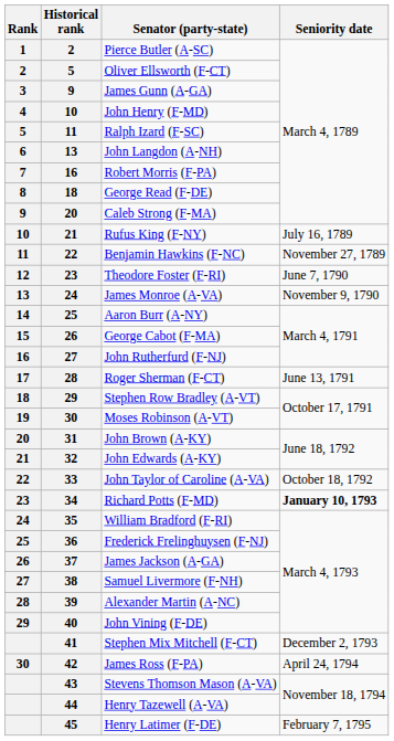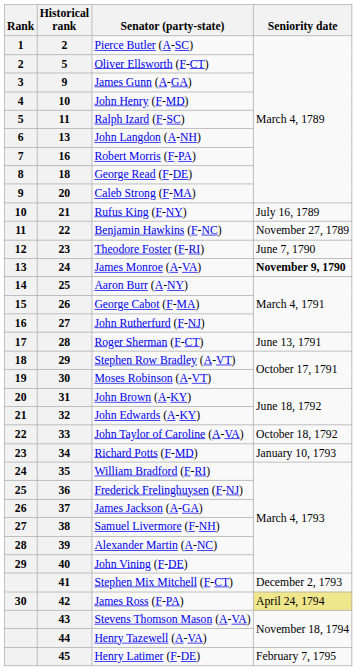 <table class=wikitable>
 <tr valign=bottom>
 <th>Rank</th>
 <th>Historical<br>rank</th>
 <th>Senator (party-state)</th>
 <th>Seniority date</th>
 </tr>
 <tr>
 <th>1</th>
 <th>2</th>
 <td><a href='#'>Pierce Butler</a> (<a href='#'>A</a>-<a href='#'>SC</a>)</td>
 <td rowspan=9>March 4, 1789</td>
 </tr>
 <tr>
 <th>2</th>
 <th>5</th>
 <td><a href='#'>Oliver Ellsworth</a> (<a href='#'>F</a>-<a href='#'>CT</a>)</td>
 </tr>
 <tr>
 <th>3</th>
 <th>9</th>
 <td><a href='#'>James Gunn</a> (<a href='#'>A</a>-<a href='#'>GA</a>)</td>
 </tr>
 <tr>
 <th>4</th>
 <th>10</th>
 <td><a href='#'>John Henry</a> (<a href='#'>F</a>-<a href='#'>MD</a>)</td>
 </tr>
 <tr>
 <th>5</th>
 <th>11</th>
 <td><a href='#'>Ralph Izard</a> (<a href='#'>F</a>-<a href='#'>SC</a>)</td>
 </tr>
 <tr>
 <th>6</th>
 <th>13</th>
 <td><a href='#'>John Langdon</a> (<a href='#'>A</a>-<a href='#'>NH</a>)</td>
 </tr>
 <tr>
 <th>7</th>
 <th>16</th>
 <td><a href='#'>Robert Morris</a> (<a href='#'>F</a>-<a href='#'>PA</a>)</td>
 </tr>
 <tr>
 <th>8</th>
 <th>18</th>
 <td><a href='#'>George Read</a> (<a href='#'>F</a>-<a href='#'>DE</a>)</td>
 </tr>
 <tr>
 <th>9</th>
 <th>20</th>
 <td><a href='#'>Caleb Strong</a> (<a href='#'>F</a>-<a href='#'>MA</a>)</td>
 </tr>
 <tr>
 <th>10</th>
 <th>21</th>
 <td><a href='#'>Rufus King</a> (<a href='#'>F</a>-<a href='#'>NY</a>)</td>
 <td>July 16, 1789</td>
 </tr>
 <tr>
 <th>11</th>
 <th>22</th>
 <td><a href='#'>Benjamin Hawkins</a> (<a href='#'>F</a>-<a href='#'>NC</a>)</td>
 <td>November 27, 1789</td>
 </tr>
 <tr>
 <th>12</th>
 <th>23</th>
 <td><a href='#'>Theodore Foster</a> (<a href='#'>F</a>-<a href='#'>RI</a>)</td>
 <td>June 7, 1790</td>
 </tr>
 <tr>
 <th>13</th>
 <th>24</th>
 <td><a href='#'>James Monroe</a> (<a href='#'>A</a>-<a href='#'>VA</a>)</td>
-<td>November 9, 1790</td>
+<td><strong>November 9, 1790</strong></td>
 </tr>
 <tr>
 <th>14</th>
 <th>25</th>
 <td><a href='#'>Aaron Burr</a> (<a href='#'>A</a>-<a href='#'>NY</a>)</td>
 <td rowspan=3>March 4, 1791</td>
 </tr>
 <tr>
 <th>15</th>
 <th>26</th>
 <td><a href='#'>George Cabot</a> (<a href='#'>F</a>-<a href='#'>MA</a>)</td>
 </tr>
 <tr>
 <th>16</th>
 <th>27</th>
 <td><a href='#'>John Rutherfurd</a> (<a href='#'>F</a>-<a href='#'>NJ</a>)</td>
 </tr>
 <tr>
 <th>17</th>
 <th>28</th>
 <td><a href='#'>Roger Sherman</a> (<a href='#'>F</a>-<a href='#'>CT</a>)</td>
 <td>June 13, 1791</td>
 </tr>
 <tr>
 <th>18</th>
 <th>29</th>
 <td><a href='#'>Stephen Row Bradley</a> (<a href='#'>A</a>-<a href='#'>VT</a>)</td>
 <td rowspan=2>October 17, 1791</td>
 </tr>
 <tr>
 <th>19</th>
 <th>30</th>
 <td><a href='#'>Moses Robinson</a> (<a href='#'>A</a>-<a href='#'>VT</a>)</td>
 </tr>
 <tr>
 <th>20</th>
 <th>31</th>
 <td><a href='#'>John Brown</a> (<a href='#'>A</a>-<a href='#'>KY</a>)</td>
 <td rowspan=2>June 18, 1792</td>
 </tr>
 <tr>
 <th>21</th>
 <th>32</th>
 <td><a href='#'>John Edwards</a> (<a href='#'>A</a>-<a href='#'>KY</a>)</td>
 </tr>
 <tr>
 <th>22</th>
 <th>33</th>
 <td><a href='#'>John Taylor of Caroline</a> (<a href='#'>A</a>-<a href='#'>VA</a>)</td>
 <td>October 18, 1792</td>
 </tr>
 <tr>
 <th>23</th>
 <th>34</th>
 <td><a href='#'>Richard Potts</a> (<a href='#'>F</a>-<a href='#'>MD</a>)</td>
-<td><strong>January 10, 1793</strong></td>
+<td>January 10, 1793</td>
 </tr>
 <tr>
 <th>24</th>
 <th>35</th>
 <td><a href='#'>William Bradford</a> (<a href='#'>F</a>-<a href='#'>RI</a>)</td>
 <td rowspan=6>March 4, 1793</td>
 </tr>
 <tr>
 <th>25</th>
 <th>36</th>
 <td><a href='#'>Frederick Frelinghuysen</a> (<a href='#'>F</a>-<a href='#'>NJ</a>)</td>
 </tr>
 <tr>
 <th>26</th>
 <th>37</th>
 <td><a href='#'>James Jackson</a> (<a href='#'>A</a>-<a href='#'>GA</a>)</td>
 </tr>
 <tr>
 <th>27</th>
 <th>38</th>
 <td><a href='#'>Samuel Livermore</a> (<a href='#'>F</a>-<a href='#'>NH</a>)</td>
 </tr>
 <tr>
 <th>28</th>
 <th>39</th>
 <td><a href='#'>Alexander Martin</a> (<a href='#'>A</a>-<a href='#'>NC</a>)</td>
 </tr>
 <tr>
 <th>29</th>
 <th>40</th>
 <td><a href='#'>John Vining</a> (<a href='#'>F</a>-<a href='#'>DE</a>)</td>
 </tr>
 <tr>
 <th></th>
 <th>41</th>
 <td><a href='#'>Stephen Mix Mitchell</a> (<a href='#'>F</a>-<a href='#'>CT</a>)</td>
 <td>December 2, 1793</td>
 </tr>
 <tr>
 <th>30</th>
 <th>42</th>
 <td><a href='#'>James Ross</a> (<a href='#'>F</a>-<a href='#'>PA</a>)</td>
-<td>April 24, 1794</td>
+<td style="background: khaki;">April 24, 1794</td>
 </tr>
 <tr>
 <th></th>
 <th>43</th>
 <td><a href='#'>Stevens Thomson Mason</a> (<a href='#'>A</a>-<a href='#'>VA</a>)</td>
 <td rowspan=2>November 18, 1794</td>
 </tr>
 <tr>
 <th></th>
 <th>44</th>
 <td><a href='#'>Henry Tazewell</a> (<a href='#'>A</a>-<a href='#'>VA</a>)</td>
 </tr>
 <tr>
 <th></th>
 <th>45</th>
 <td><a href='#'>Henry Latimer</a> (<a href='#'>F</a>-<a href='#'>DE</a>)</td>
 <td>February 7, 1795</td>
 </tr>
 </table>
